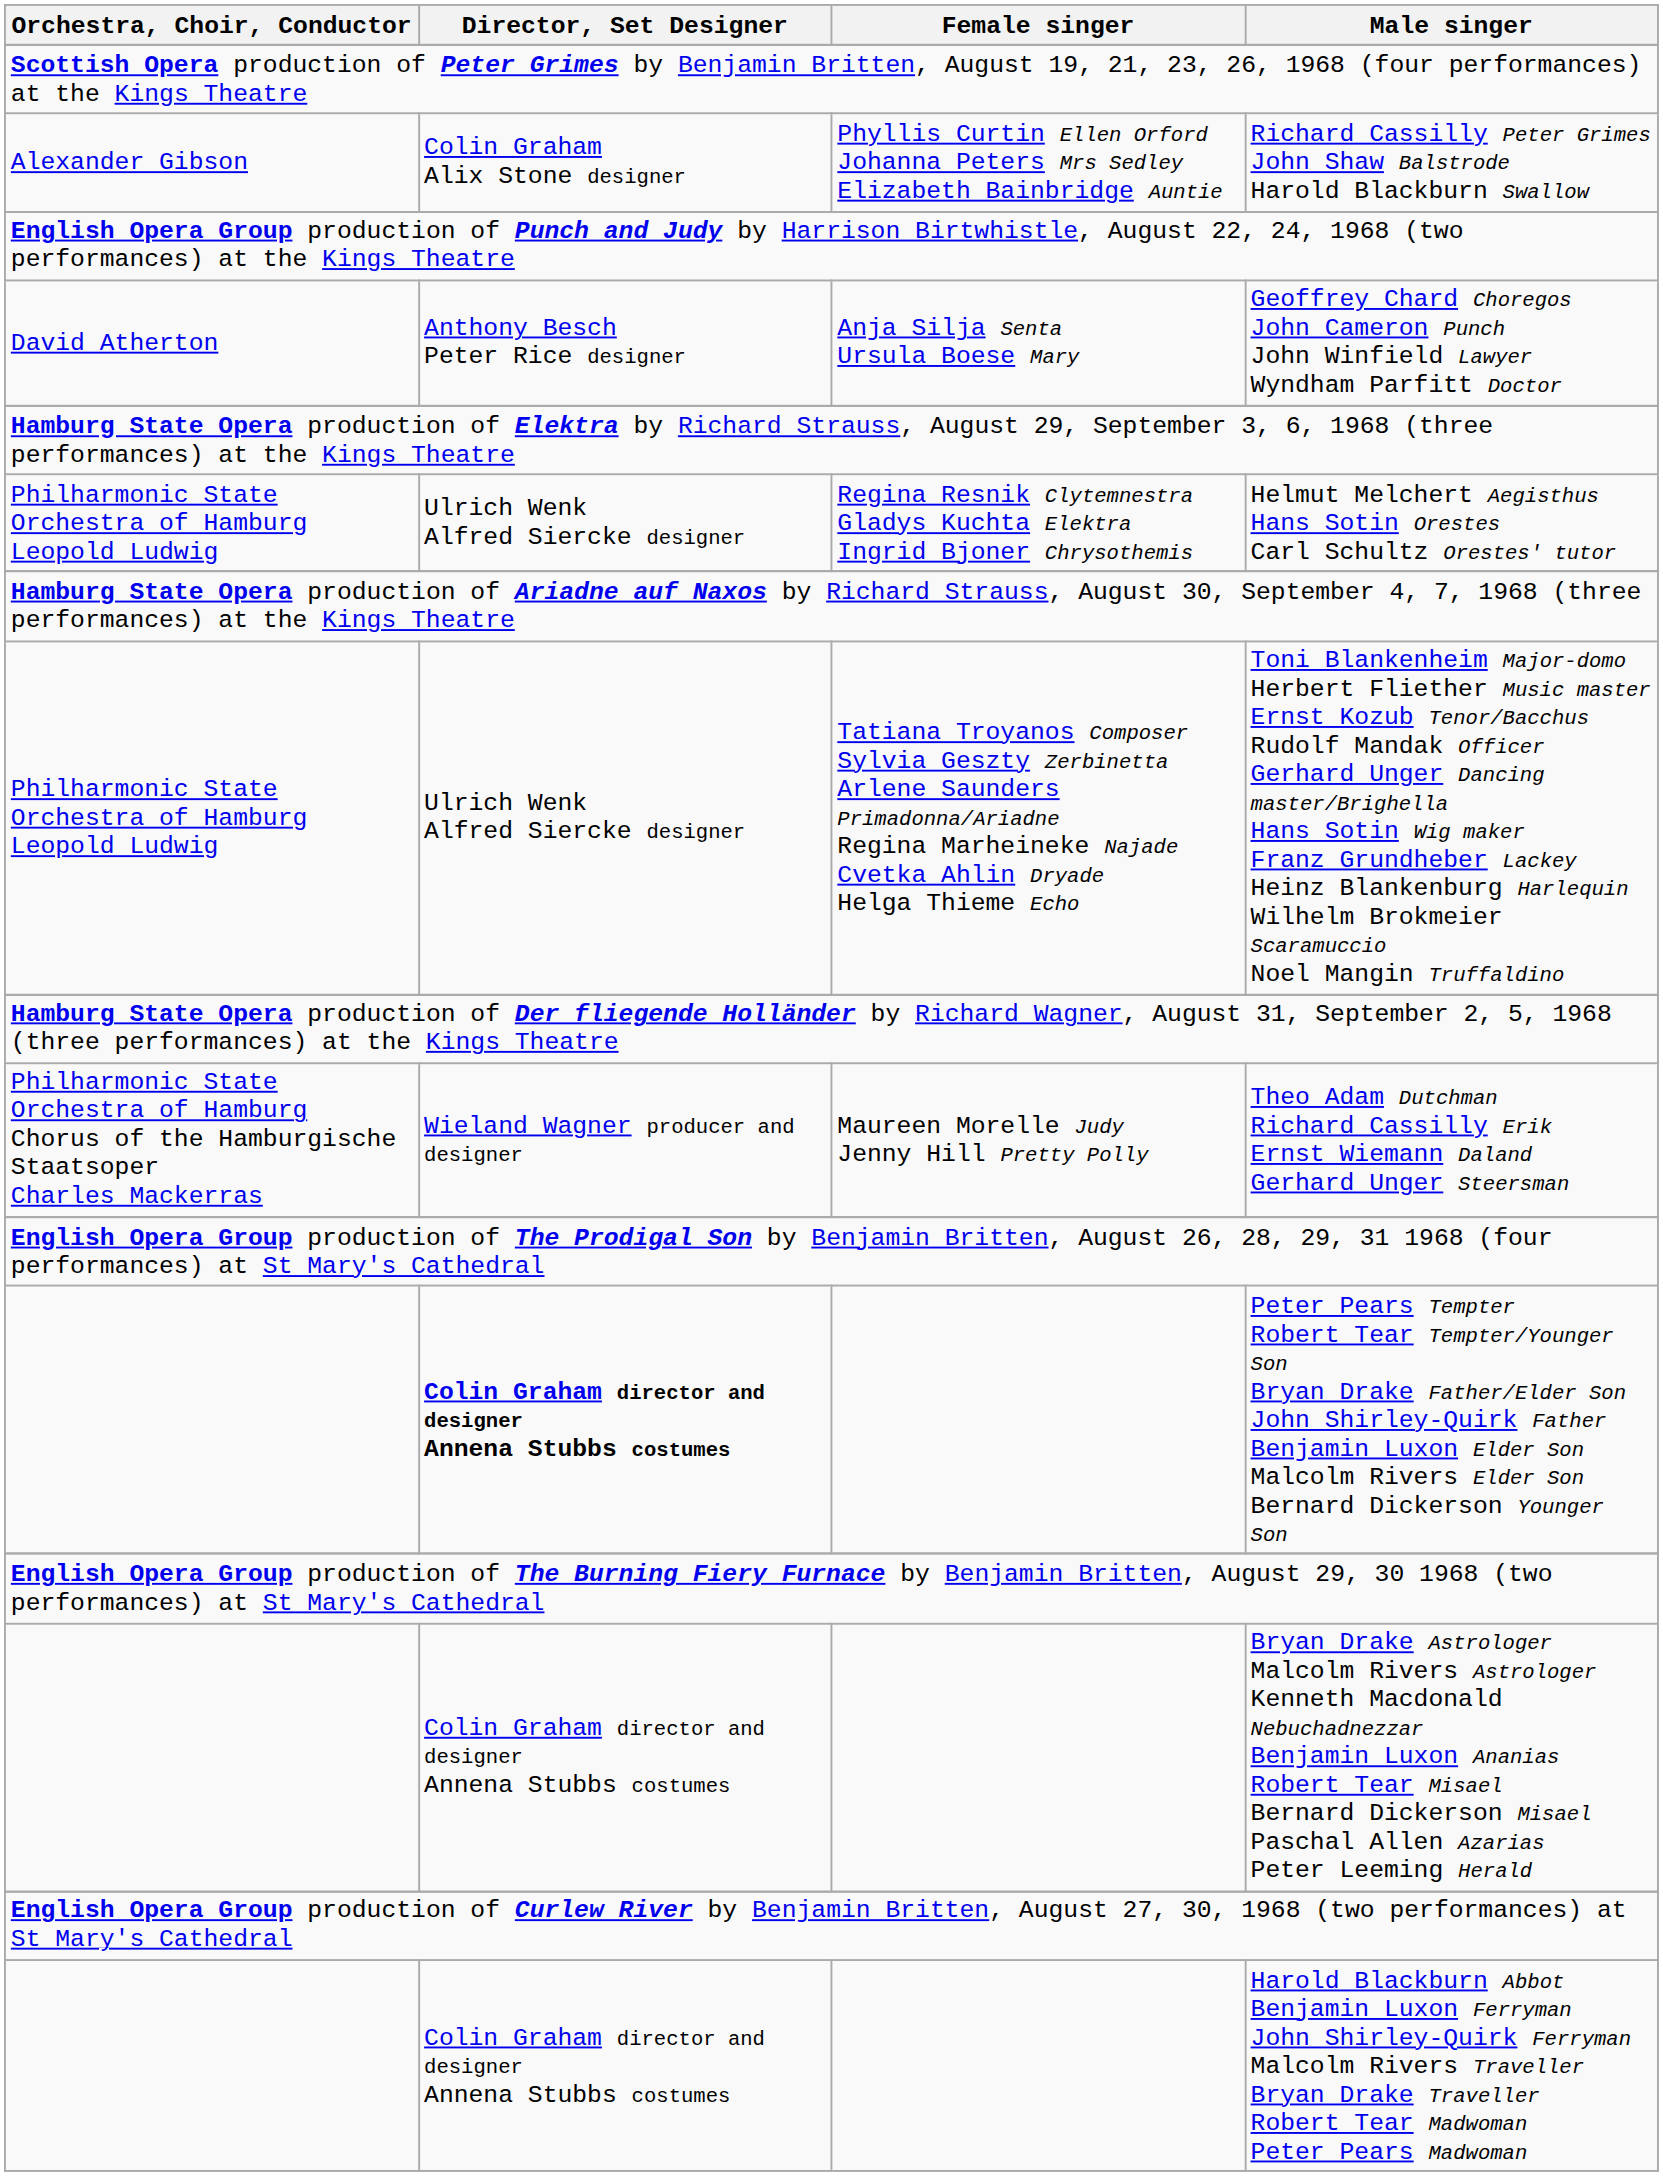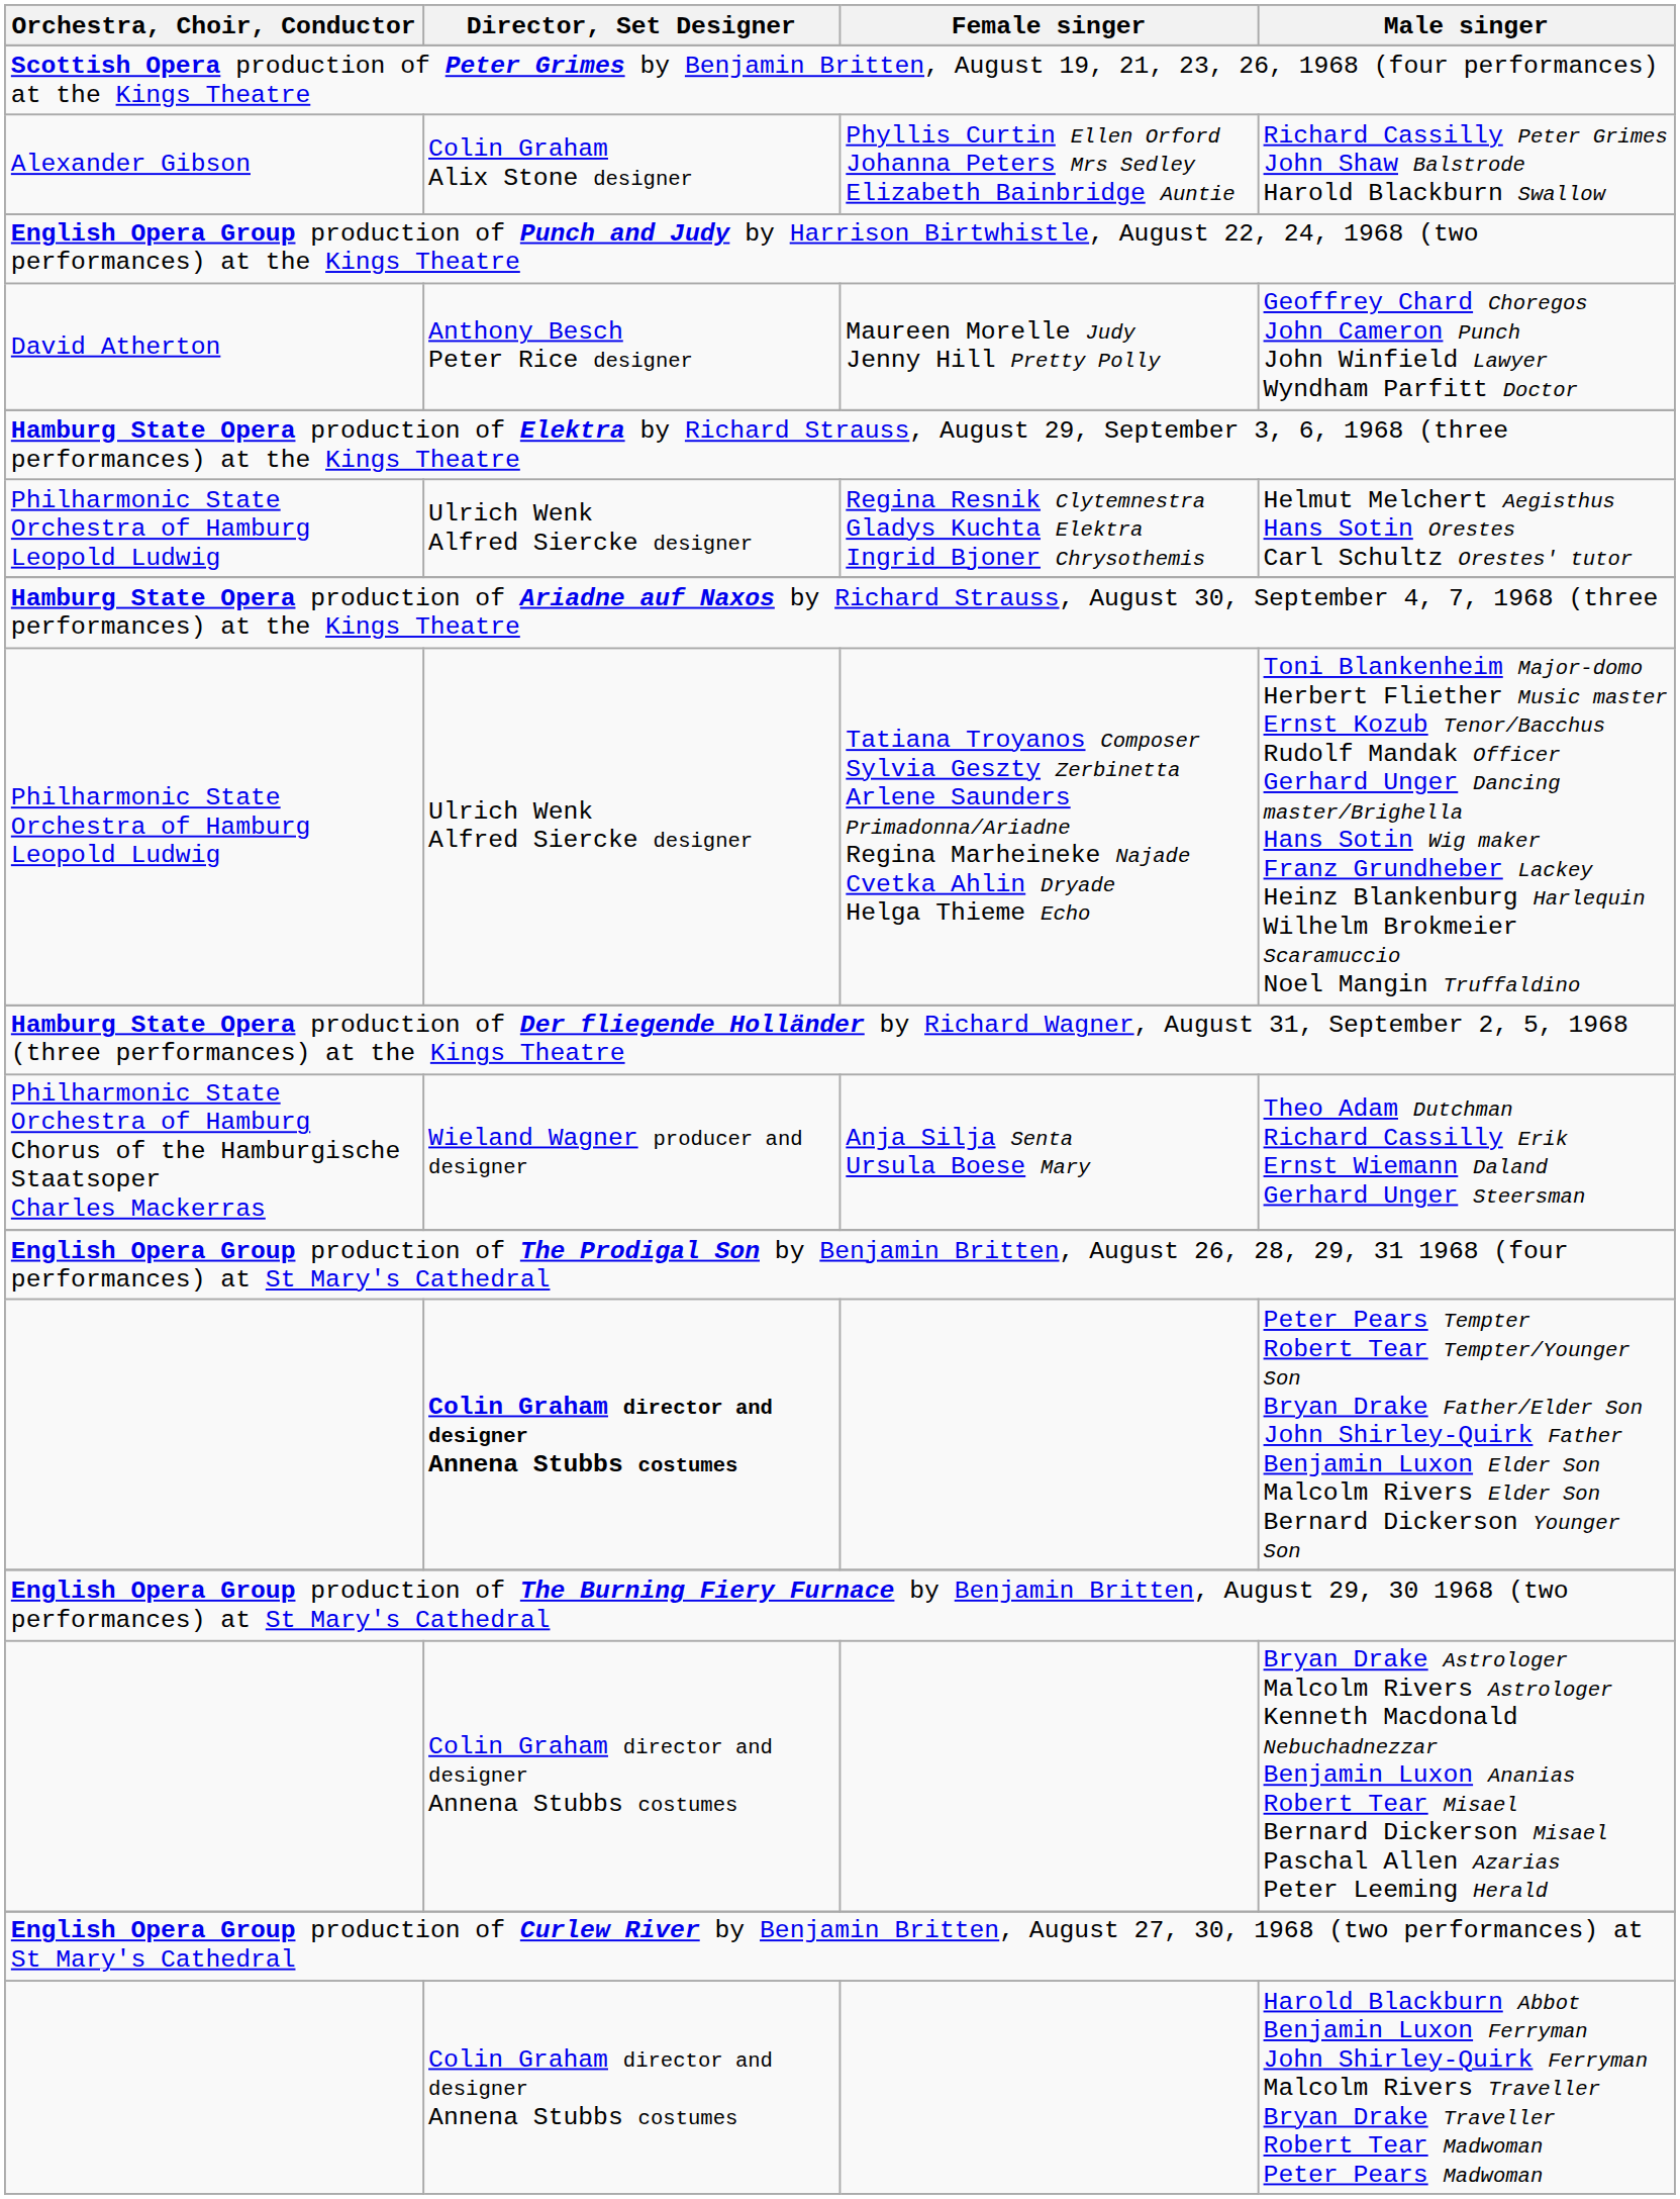 <table class="wikitable toptextcells">
 <tr class="hintergrundfarbe5">
 <th style="width:25%;">Orchestra, Choir, Conductor</th>
 <th style="width:25%;">Director, Set Designer</th>
 <th style="width:25%;">Female singer</th>
 <th style="width:25%;">Male singer</th>
 </tr>
 <tr>
 </tr>
 <tr class="hintergrundfarbe8">
 <td colspan="9"><strong><a href='#'>Scottish Opera</a></strong> production of <strong><em><a href='#'>Peter Grimes</a></em></strong> by <a href='#'>Benjamin Britten</a>, August 19, 21, 23, 26, 1968 (four performances) at the <a href='#'>Kings Theatre</a></td>
 </tr>
 <tr>
 <td><a href='#'>Alexander Gibson</a></td>
 <td><a href='#'>Colin Graham</a><br>Alix Stone <small>designer</small></td>
 <td><a href='#'>Phyllis Curtin</a> <small><em>Ellen Orford</em></small><br><a href='#'>Johanna Peters</a> <small><em>Mrs Sedley</em></small><br><a href='#'>Elizabeth Bainbridge</a> <small><em>Auntie</em></small></td>
 <td><a href='#'>Richard Cassilly</a> <small><em>Peter Grimes</em></small><br><a href='#'>John Shaw</a> <small><em>Balstrode</em></small><br>Harold Blackburn <small><em>Swallow</em></small></td>
 </tr>
 <tr>
 </tr>
 <tr class="hintergrundfarbe8">
 <td colspan="9"><strong><a href='#'>English Opera Group</a></strong> production of <strong><em><a href='#'>Punch and Judy</a></em></strong> by <a href='#'>Harrison Birtwhistle</a>, August 22, 24, 1968 (two performances) at the <a href='#'>Kings Theatre</a></td>
 </tr>
 <tr>
 <td><a href='#'>David Atherton</a></td>
 <td><a href='#'>Anthony Besch</a><br>Peter Rice <small>designer</small></td>
-<td><a href='#'>Anja Silja</a> <small><em>Senta</em></small><br><a href='#'>Ursula Boese</a> <small><em>Mary</em></small></td>
+<td>Maureen Morelle <small><em>Judy</em></small><br>Jenny Hill <small><em>Pretty Polly</em></small></td>
 <td><a href='#'>Geoffrey Chard</a> <small><em>Choregos</em></small><br><a href='#'>John Cameron</a> <small><em>Punch</em></small><br>John Winfield <small><em>Lawyer</em></small><br>Wyndham Parfitt <small><em>Doctor</em></small></td>
 </tr>
 <tr>
 </tr>
 <tr class="hintergrundfarbe8">
 <td colspan="9"><strong><a href='#'>Hamburg State Opera</a></strong> production of <strong><em><a href='#'>Elektra</a></em></strong> by <a href='#'>Richard Strauss</a>, August 29, September 3, 6, 1968 (three performances) at the <a href='#'>Kings Theatre</a></td>
 </tr>
 <tr>
 <td><a href='#'>Philharmonic State Orchestra of Hamburg</a><br><a href='#'>Leopold Ludwig</a></td>
 <td>Ulrich Wenk<br>Alfred Siercke <small>designer</small></td>
 <td><a href='#'>Regina Resnik</a> <small><em>Clytemnestra</em></small><br><a href='#'>Gladys Kuchta</a> <small><em>Elektra</em></small><br><a href='#'>Ingrid Bjoner</a> <small><em>Chrysothemis</em></small></td>
 <td>Helmut Melchert <small><em>Aegisthus</em></small><br><a href='#'>Hans Sotin</a> <small><em>Orestes</em></small><br>Carl Schultz <small><em>Orestes' tutor</em></small></td>
 </tr>
 <tr>
 </tr>
 <tr class="hintergrundfarbe8">
 <td colspan="9"><strong><a href='#'>Hamburg State Opera</a></strong> production of <strong><em><a href='#'>Ariadne auf Naxos</a></em></strong> by <a href='#'>Richard Strauss</a>, August 30, September 4, 7, 1968 (three performances) at the <a href='#'>Kings Theatre</a></td>
 </tr>
 <tr>
 <td><a href='#'>Philharmonic State Orchestra of Hamburg</a><br><a href='#'>Leopold Ludwig</a></td>
 <td>Ulrich Wenk<br>Alfred Siercke <small>designer</small></td>
 <td><a href='#'>Tatiana Troyanos</a> <small><em>Composer</em></small><br><a href='#'>Sylvia Geszty</a> <small><em>Zerbinetta</em></small><br><a href='#'>Arlene Saunders</a> <small><em>Primadonna/Ariadne</em></small><br>Regina Marheineke <small><em>Najade</em></small><br><a href='#'>Cvetka Ahlin</a> <small><em>Dryade</em></small><br>Helga Thieme <small><em>Echo</em></small></td>
 <td><a href='#'>Toni Blankenheim</a> <small><em>Major-domo</em></small><br>Herbert Fliether <small><em>Music master</em></small><br><a href='#'>Ernst Kozub</a> <small><em>Tenor/Bacchus</em></small><br>Rudolf Mandak <small><em>Officer</em></small><br><a href='#'>Gerhard Unger</a> <small><em>Dancing master/Brighella</em></small><br><a href='#'>Hans Sotin</a> <small><em>Wig maker</em></small><br><a href='#'>Franz Grundheber</a> <small><em>Lackey</em></small><br>Heinz Blankenburg <small><em>Harlequin</em></small><br>Wilhelm Brokmeier <small><em>Scaramuccio</em></small><br>Noel Mangin <small><em>Truffaldino</em></small></td>
 </tr>
 <tr>
 </tr>
 <tr class="hintergrundfarbe8">
 <td colspan="9"><strong><a href='#'>Hamburg State Opera</a></strong> production of <strong><em><a href='#'>Der fliegende Holländer</a></em></strong> by <a href='#'>Richard Wagner</a>, August 31, September 2, 5, 1968 (three performances) at the <a href='#'>Kings Theatre</a></td>
 </tr>
 <tr>
 <td><a href='#'>Philharmonic State Orchestra of Hamburg</a><br>Chorus of the Hamburgische Staatsoper<br><a href='#'>Charles Mackerras</a></td>
 <td><a href='#'>Wieland Wagner</a> <small>producer and designer</small></td>
-<td>Maureen Morelle <small><em>Judy</em></small><br>Jenny Hill <small><em>Pretty Polly</em></small></td>
+<td><a href='#'>Anja Silja</a> <small><em>Senta</em></small><br><a href='#'>Ursula Boese</a> <small><em>Mary</em></small></td>
 <td><a href='#'>Theo Adam</a> <small><em>Dutchman</em></small><br><a href='#'>Richard Cassilly</a> <small><em>Erik</em></small><br><a href='#'>Ernst Wiemann</a> <small><em>Daland</em></small><br><a href='#'>Gerhard Unger</a> <small><em>Steersman</em></small></td>
 </tr>
 <tr>
 </tr>
 <tr class="hintergrundfarbe8">
 <td colspan="9"><strong><a href='#'>English Opera Group</a></strong> production of <strong><em><a href='#'>The Prodigal Son</a></em></strong> by <a href='#'>Benjamin Britten</a>, August 26, 28, 29, 31 1968 (four performances) at <a href='#'>St Mary's Cathedral</a></td>
 </tr>
 <tr>
 <td></td>
 <td><strong><a href='#'>Colin Graham</a> <small>director and designer</small><br>Annena Stubbs <small>costumes</small></strong></td>
 <td></td>
 <td><a href='#'>Peter Pears</a> <small><em>Tempter</em></small><br><a href='#'>Robert Tear</a> <small><em>Tempter/Younger Son</em></small><br><a href='#'>Bryan Drake</a> <small><em>Father/Elder Son</em></small><br><a href='#'>John Shirley-Quirk</a> <small><em>Father</em></small><br><a href='#'>Benjamin Luxon</a> <small><em>Elder Son</em></small><br>Malcolm Rivers <small><em>Elder Son</em></small><br>Bernard Dickerson <small><em>Younger Son</em></small></td>
 </tr>
 <tr>
 </tr>
 <tr class="hintergrundfarbe8">
 <td colspan="9"><strong><a href='#'>English Opera Group</a></strong> production of <strong><em><a href='#'>The Burning Fiery Furnace</a></em></strong> by <a href='#'>Benjamin Britten</a>, August 29, 30 1968 (two performances) at <a href='#'>St Mary's Cathedral</a></td>
 </tr>
 <tr>
 <td></td>
 <td><a href='#'>Colin Graham</a> <small>director and designer</small><br>Annena Stubbs <small>costumes</small></td>
 <td></td>
 <td><a href='#'>Bryan Drake</a> <small><em>Astrologer</em></small><br>Malcolm Rivers <small><em>Astrologer</em></small><br>Kenneth Macdonald <small><em>Nebuchadnezzar</em></small><br><a href='#'>Benjamin Luxon</a> <small><em>Ananias</em></small><br><a href='#'>Robert Tear</a> <small><em>Misael</em></small><br>Bernard Dickerson <small><em>Misael</em></small><br>Paschal Allen <small><em>Azarias</em></small><br>Peter Leeming <small><em>Herald</em></small></td>
 </tr>
 <tr>
 </tr>
 <tr class="hintergrundfarbe8">
 <td colspan="9"><strong><a href='#'>English Opera Group</a></strong> production of <strong><em><a href='#'>Curlew River</a></em></strong> by <a href='#'>Benjamin Britten</a>, August 27, 30, 1968 (two performances) at <a href='#'>St Mary's Cathedral</a></td>
 </tr>
 <tr>
 <td></td>
 <td><a href='#'>Colin Graham</a> <small>director and designer</small><br>Annena Stubbs <small>costumes</small></td>
 <td></td>
 <td><a href='#'>Harold Blackburn</a> <small><em>Abbot</em></small><br><a href='#'>Benjamin Luxon</a> <small><em>Ferryman</em></small><br><a href='#'>John Shirley-Quirk</a> <small><em>Ferryman</em></small><br>Malcolm Rivers <small><em>Traveller</em></small><br><a href='#'>Bryan Drake</a> <small><em>Traveller</em></small><br><a href='#'>Robert Tear</a> <small><em>Madwoman</em></small><br><a href='#'>Peter Pears</a> <small><em>Madwoman</em></small></td>
 </tr>
 </table>
